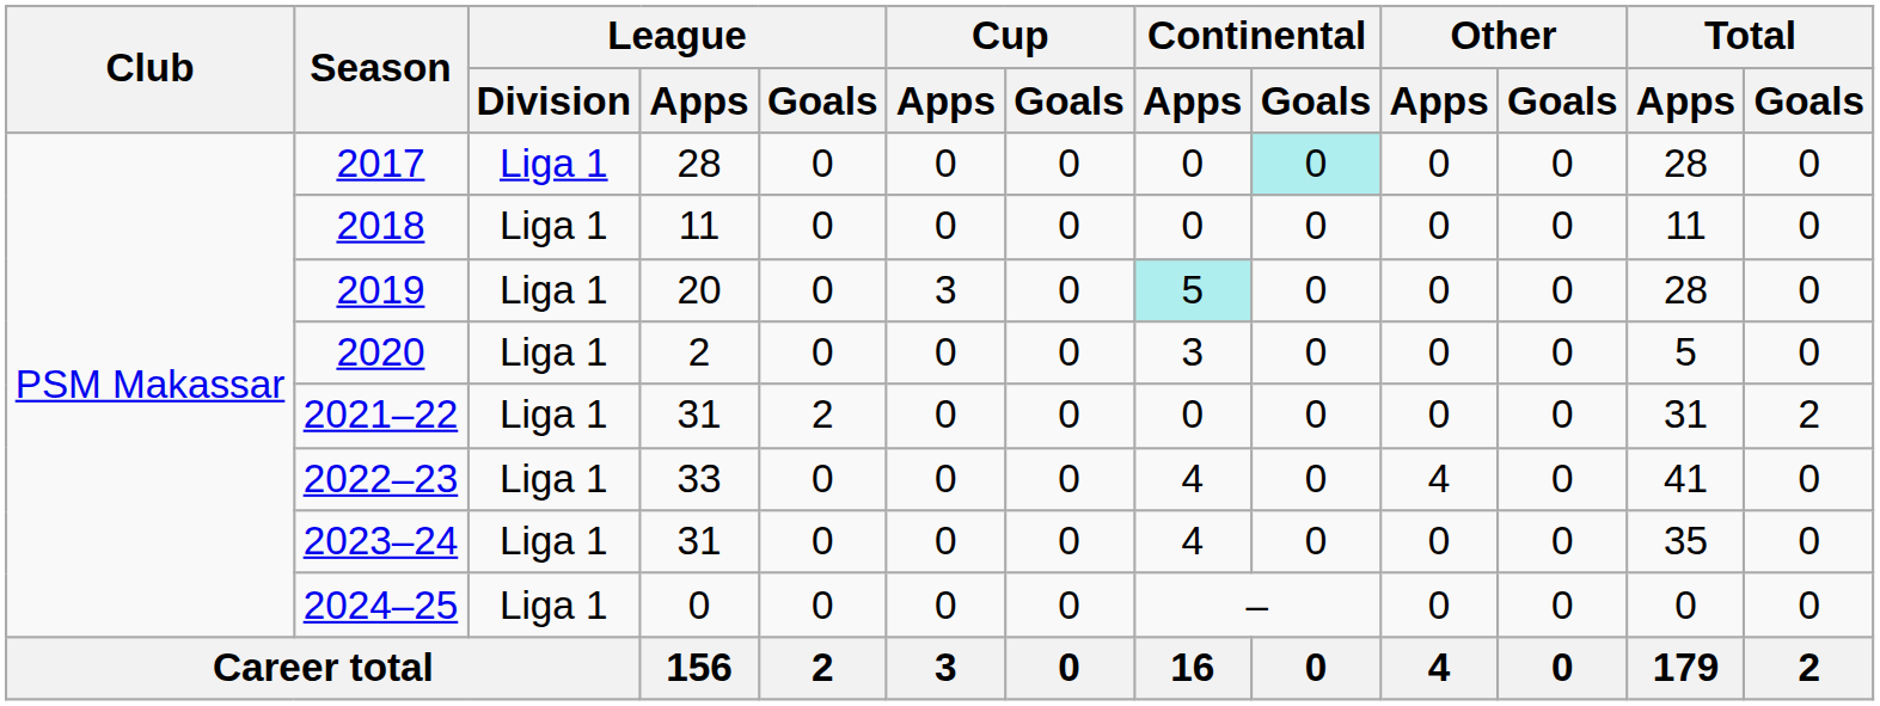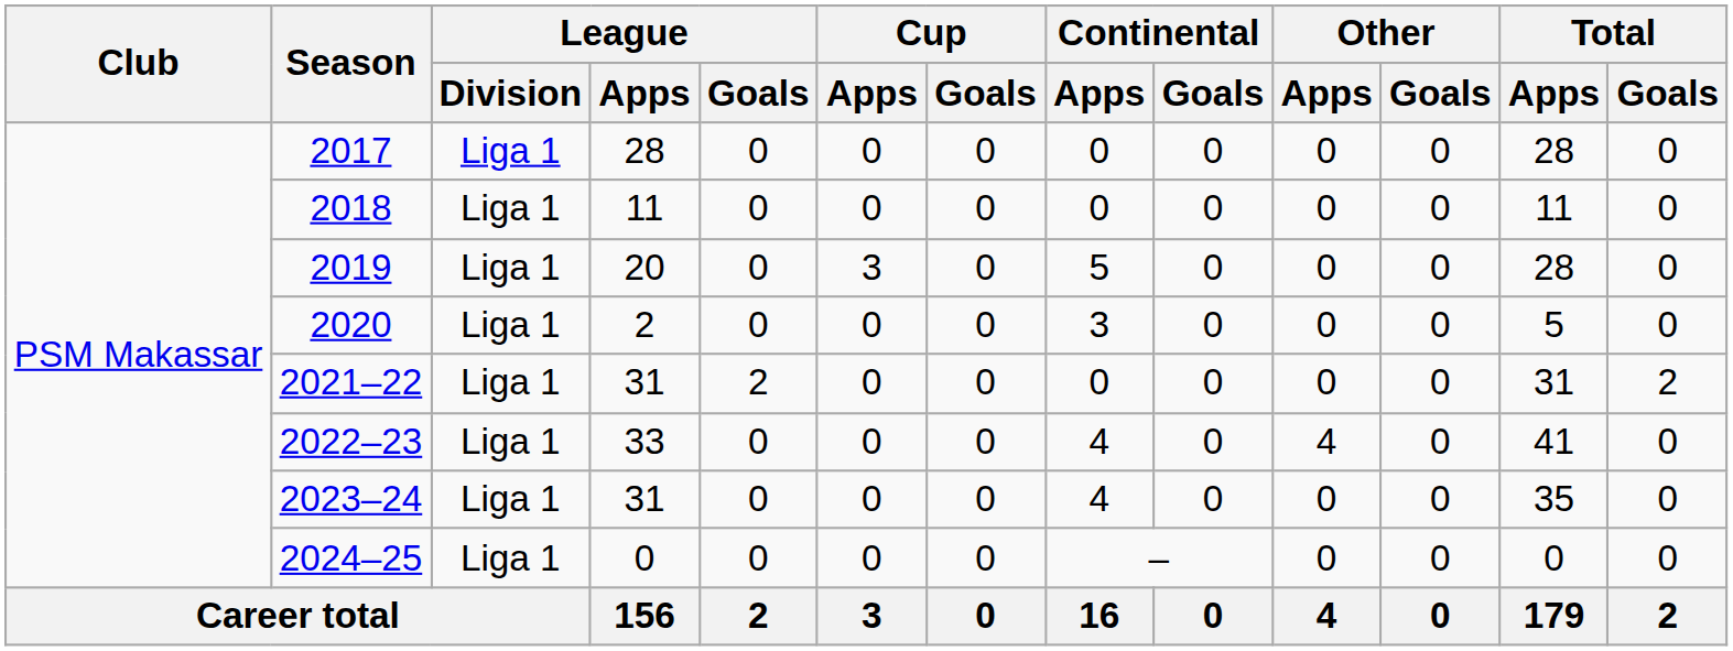 <table class="wikitable" style="text-align:center">
 <tr>
 <th rowspan="2">Club</th>
 <th rowspan="2">Season</th>
 <th colspan="3">League</th>
 <th colspan="2">Cup</th>
 <th colspan="2">Continental</th>
 <th colspan="2">Other</th>
 <th colspan="2">Total</th>
 </tr>
 <tr>
 <th>Division</th>
 <th>Apps</th>
 <th>Goals</th>
 <th>Apps</th>
 <th>Goals</th>
 <th>Apps</th>
 <th>Goals</th>
 <th>Apps</th>
 <th>Goals</th>
 <th>Apps</th>
 <th>Goals</th>
 </tr>
 <tr>
 <td rowspan="8" valign="center"><a href='#'>PSM Makassar</a></td>
 <td><a href='#'>2017</a></td>
 <td rowspan="1" valign="center"><a href='#'>Liga 1</a></td>
 <td>28</td>
 <td>0</td>
 <td>0</td>
 <td>0</td>
 <td>0</td>
-<td style="background: paleturquoise;">0</td>
+<td>0</td>
 <td>0</td>
 <td>0</td>
 <td>28</td>
 <td>0</td>
 </tr>
 <tr>
 <td><a href='#'>2018</a></td>
 <td rowspan="1" valign="center">Liga 1</td>
 <td>11</td>
 <td>0</td>
 <td>0</td>
 <td>0</td>
 <td>0</td>
 <td>0</td>
 <td>0</td>
 <td>0</td>
 <td>11</td>
 <td>0</td>
 </tr>
 <tr>
 <td><a href='#'>2019</a></td>
 <td rowspan="1" valign="center">Liga 1</td>
 <td>20</td>
 <td>0</td>
 <td>3</td>
 <td>0</td>
-<td style="background: paleturquoise;">5</td>
+<td>5</td>
 <td>0</td>
 <td>0</td>
 <td>0</td>
 <td>28</td>
 <td>0</td>
 </tr>
 <tr>
 <td><a href='#'>2020</a></td>
 <td rowspan="1" valign="center">Liga 1</td>
 <td>2</td>
 <td>0</td>
 <td>0</td>
 <td>0</td>
 <td>3</td>
 <td>0</td>
 <td>0</td>
 <td>0</td>
 <td>5</td>
 <td>0</td>
 </tr>
 <tr>
 <td><a href='#'>2021–22</a></td>
 <td rowspan="1" valign="center">Liga 1</td>
 <td>31</td>
 <td>2</td>
 <td>0</td>
 <td>0</td>
 <td>0</td>
 <td>0</td>
 <td>0</td>
 <td>0</td>
 <td>31</td>
 <td>2</td>
 </tr>
 <tr>
 <td><a href='#'>2022–23</a></td>
 <td>Liga 1</td>
 <td>33</td>
 <td>0</td>
 <td>0</td>
 <td>0</td>
 <td>4</td>
 <td>0</td>
 <td>4</td>
 <td>0</td>
 <td>41</td>
 <td>0</td>
 </tr>
 <tr>
 <td><a href='#'>2023–24</a></td>
 <td>Liga 1</td>
 <td>31</td>
 <td>0</td>
 <td>0</td>
 <td>0</td>
 <td>4</td>
 <td>0</td>
 <td>0</td>
 <td>0</td>
 <td>35</td>
 <td>0</td>
 </tr>
 <tr>
 <td><a href='#'>2024–25</a></td>
 <td>Liga 1</td>
 <td>0</td>
 <td>0</td>
 <td>0</td>
 <td>0</td>
 <td colspan="2">–</td>
 <td>0</td>
 <td>0</td>
 <td>0</td>
 <td>0</td>
 </tr>
 <tr>
 <th colspan="3">Career total</th>
 <th>156</th>
 <th>2</th>
 <th>3</th>
 <th>0</th>
 <th>16</th>
 <th>0</th>
 <th>4</th>
 <th>0</th>
 <th>179</th>
 <th>2</th>
 </tr>
 </table>
